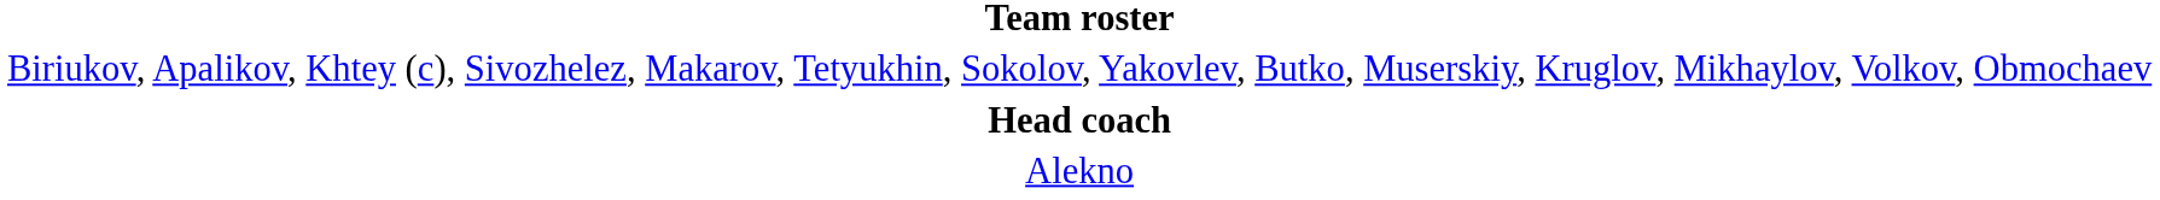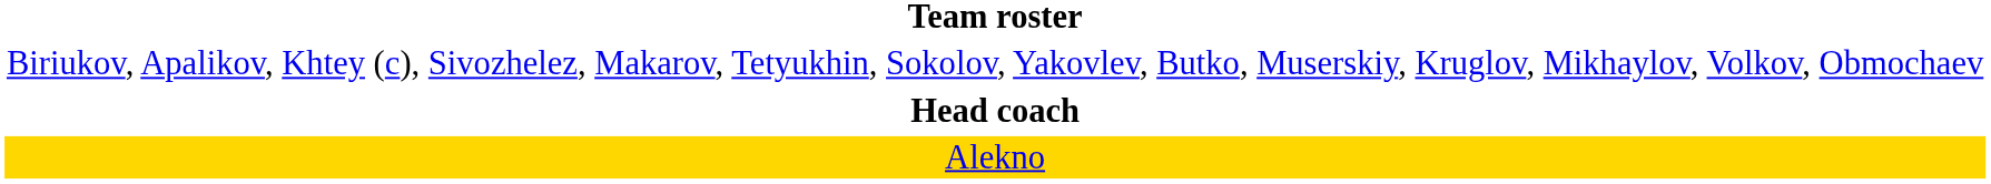 <table style="text-align:center; margin-top:2em; margin-left:auto; margin-right:auto">
 <tr>
 <td><strong>Team roster</strong></td>
 </tr>
 <tr>
 <td><a href='#'>Biriukov</a>, <a href='#'>Apalikov</a>, <a href='#'>Khtey</a> (<a href='#'>c</a>), <a href='#'>Sivozhelez</a>, <a href='#'>Makarov</a>, <a href='#'>Tetyukhin</a>, <a href='#'>Sokolov</a>, <a href='#'>Yakovlev</a>, <a href='#'>Butko</a>, <a href='#'>Muserskiy</a>, <a href='#'>Kruglov</a>, <a href='#'>Mikhaylov</a>, <a href='#'>Volkov</a>, <a href='#'>Obmochaev</a></td>
 </tr>
 <tr>
 <td><strong>Head coach</strong></td>
 </tr>
 <tr>
-<td><a href='#'>Alekno</a></td>
+<td style="background: gold;"><a href='#'>Alekno</a></td>
 </tr>
 <tr>
 </tr>
 </table>
